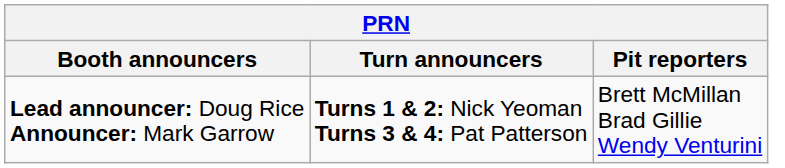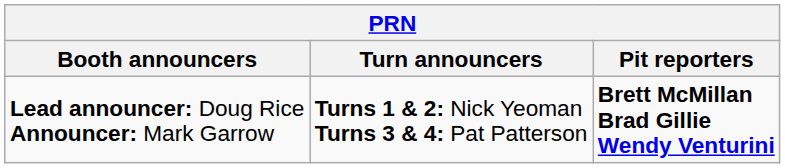 <table class="wikitable" style="font-size: 95%;">
 <tr>
 <th colspan="3"><a href='#'>PRN</a></th>
 </tr>
 <tr>
 <th>Booth announcers</th>
 <th>Turn announcers</th>
 <th>Pit reporters</th>
 </tr>
 <tr>
 <td><strong>Lead announcer:</strong> Doug Rice<br><strong>Announcer:</strong> Mark Garrow</td>
 <td><strong>Turns 1 & 2:</strong> Nick Yeoman<br><strong>Turns 3 & 4:</strong> Pat Patterson</td>
-<td>Brett McMillan<br>Brad Gillie<br><a href='#'>Wendy Venturini</a></td>
+<td><strong>Brett McMillan<br>Brad Gillie<br><a href='#'>Wendy Venturini</a></strong></td>
 </tr>
 </table>
